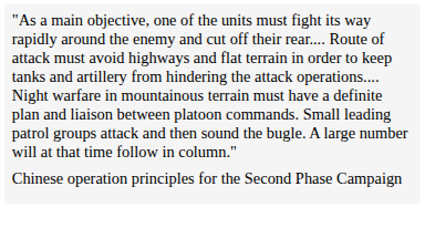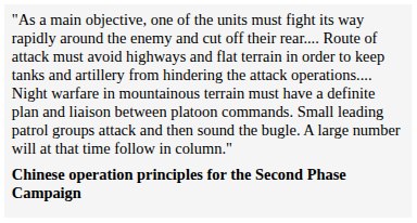 <table class="toccolours" style="float: right; margin-left: 1em; margin-right: 2em; font-size: 85%; background:whitesmoke; color:black; width:30em; max-width: 40%;" cellspacing="5">
 <tr>
 <td style="text-align: left;">"As a main objective, one of the units must fight its way rapidly around the enemy and cut off their rear.... Route of attack must avoid highways and flat terrain in order to keep tanks and artillery from hindering the attack operations.... Night warfare in mountainous terrain must have a definite plan and liaison between platoon commands. Small leading patrol groups attack and then sound the bugle. A large number will at that time follow in column."</td>
 </tr>
 <tr>
-<td style="text-align: left;">Chinese operation principles for the Second Phase Campaign</td>
+<td style="text-align: left;"><strong>Chinese operation principles for the Second Phase Campaign</strong></td>
 </tr>
 <tr>
 <td style="text-align: left;"></td>
 </tr>
 </table>
